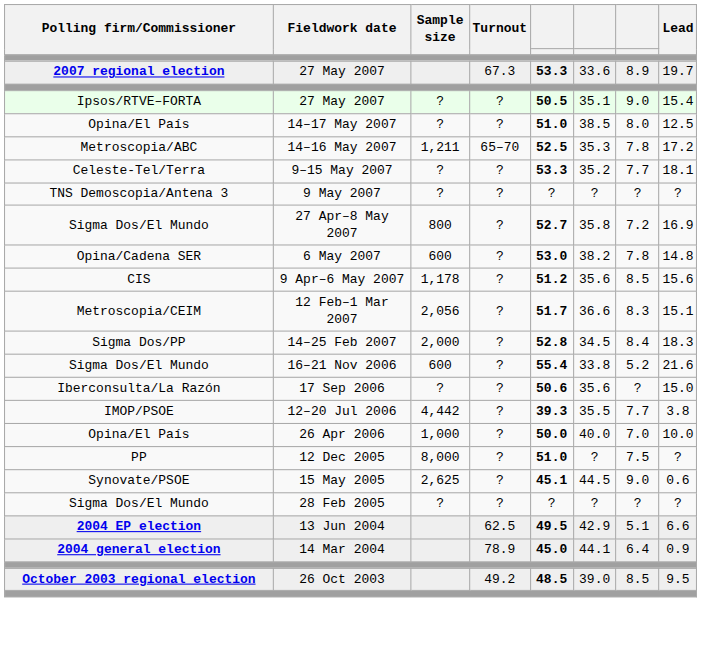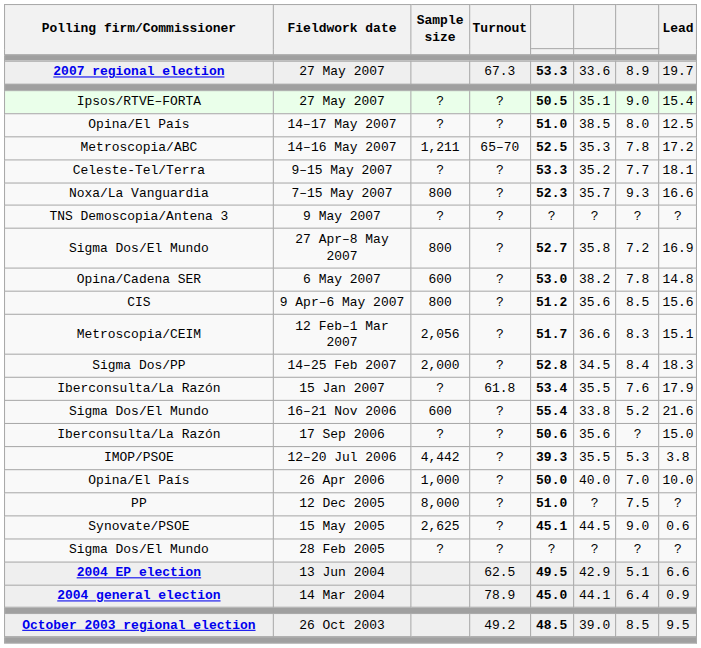 <table class="wikitable collapsible collapsed" style="text-align:center; font-size:95%; line-height:16px;">
 <tr style="height:42px;">
 <th style="width:250px;" rowspan="2">Polling firm/Commissioner</th>
 <th style="width:125px;" rowspan="2">Fieldwork date</th>
 <th style="width:50px;" rowspan="2">Sample size</th>
 <th style="width:45px;" rowspan="2">Turnout</th>
 <th style="width:35px;"></th>
 <th style="width:35px;"></th>
 <th style="width:35px;"></th>
 <th style="width:30px;" rowspan="2">Lead</th>
 </tr>
 <tr>
 <th style="color:inherit;background:"></th>
 <th style="color:inherit;background:"></th>
 <th style="color:inherit;background:"></th>
 </tr>
 <tr>
 <td colspan="8" style="background:#A0A0A0"></td>
 </tr>
 <tr style="background:#EFEFEF;">
 <td><strong><a href='#'>2007 regional election</a></strong></td>
 <td>27 May 2007</td>
 <td></td>
 <td>67.3</td>
 <td><strong>53.3</strong><br></td>
 <td>33.6<br></td>
 <td>8.9<br></td>
 <td style="background:">19.7</td>
 </tr>
 <tr>
 <td colspan="8" style="background:#A0A0A0"></td>
 </tr>
 <tr style="background:#EAFFEA;">
 <td>Ipsos/RTVE–FORTA</td>
 <td>27 May 2007</td>
 <td>?</td>
 <td>?</td>
 <td><strong>50.5</strong><br></td>
 <td>35.1<br></td>
 <td>9.0<br></td>
 <td style="background:">15.4</td>
 </tr>
 <tr>
 <td>Opina/El País</td>
 <td>14–17 May 2007</td>
 <td>?</td>
 <td>?</td>
 <td><strong>51.0</strong><br></td>
 <td>38.5<br></td>
 <td>8.0<br></td>
 <td style="background:">12.5</td>
 </tr>
 <tr>
 <td>Metroscopia/ABC</td>
 <td>14–16 May 2007</td>
 <td>1,211</td>
 <td>65–70</td>
 <td><strong>52.5</strong><br></td>
 <td>35.3<br></td>
 <td>7.8<br></td>
 <td style="background:">17.2</td>
 </tr>
 <tr>
 <td>Celeste-Tel/Terra</td>
 <td>9–15 May 2007</td>
 <td>?</td>
 <td>?</td>
 <td><strong>53.3</strong><br></td>
 <td>35.2<br></td>
 <td>7.7<br></td>
 <td style="background:">18.1</td>
 </tr>
 <tr>
+<td>Noxa/La Vanguardia</td>
+<td>7–15 May 2007</td>
+<td>800</td>
+<td>?</td>
+<td><strong>52.3</strong><br></td>
+<td>35.7<br></td>
+<td>9.3<br></td>
+<td style="background:">16.6</td>
+</tr>
+<tr>
 <td>TNS Demoscopia/Antena 3</td>
 <td>9 May 2007</td>
 <td>?</td>
 <td>?</td>
 <td>?<br></td>
 <td>?<br></td>
 <td>?<br></td>
 <td style="background:">?</td>
 </tr>
 <tr>
 <td>Sigma Dos/El Mundo</td>
 <td>27 Apr–8 May 2007</td>
 <td>800</td>
 <td>?</td>
 <td><strong>52.7</strong><br></td>
 <td>35.8<br></td>
 <td>7.2<br></td>
 <td style="background:">16.9</td>
 </tr>
 <tr>
 <td>Opina/Cadena SER</td>
 <td>6 May 2007</td>
 <td>600</td>
 <td>?</td>
 <td><strong>53.0</strong><br></td>
 <td>38.2<br></td>
 <td>7.8<br></td>
 <td style="background:">14.8</td>
 </tr>
 <tr>
 <td>CIS</td>
 <td>9 Apr–6 May 2007</td>
-<td>1,178</td>
+<td>800</td>
 <td>?</td>
 <td><strong>51.2</strong><br></td>
 <td>35.6<br></td>
 <td>8.5<br></td>
 <td style="background:">15.6</td>
 </tr>
 <tr>
 <td>Metroscopia/CEIM</td>
 <td>12 Feb–1 Mar 2007</td>
 <td>2,056</td>
 <td>?</td>
 <td><strong>51.7</strong><br></td>
 <td>36.6<br></td>
 <td>8.3<br></td>
 <td style="background:">15.1</td>
 </tr>
 <tr>
 <td>Sigma Dos/PP</td>
 <td>14–25 Feb 2007</td>
 <td>2,000</td>
 <td>?</td>
 <td><strong>52.8</strong><br></td>
 <td>34.5<br></td>
 <td>8.4<br></td>
 <td style="background:">18.3</td>
+</tr>
+<tr>
+<td>Iberconsulta/La Razón</td>
+<td>15 Jan 2007</td>
+<td>?</td>
+<td>61.8</td>
+<td><strong>53.4</strong><br></td>
+<td>35.5<br></td>
+<td>7.6<br></td>
+<td style="background:">17.9</td>
 </tr>
 <tr>
 <td>Sigma Dos/El Mundo</td>
 <td>16–21 Nov 2006</td>
 <td>600</td>
 <td>?</td>
 <td><strong>55.4</strong><br></td>
 <td>33.8<br></td>
 <td>5.2<br></td>
 <td style="background:">21.6</td>
 </tr>
 <tr>
 <td>Iberconsulta/La Razón</td>
 <td>17 Sep 2006</td>
 <td>?</td>
 <td>?</td>
 <td><strong>50.6</strong><br></td>
 <td>35.6<br></td>
 <td>?<br></td>
 <td style="background:">15.0</td>
 </tr>
 <tr>
 <td>IMOP/PSOE</td>
 <td>12–20 Jul 2006</td>
 <td>4,442</td>
 <td>?</td>
 <td><strong>39.3</strong></td>
 <td>35.5</td>
-<td>7.7</td>
+<td>5.3</td>
 <td style="background:">3.8</td>
 </tr>
 <tr>
 <td>Opina/El País</td>
 <td>26 Apr 2006</td>
 <td>1,000</td>
 <td>?</td>
 <td><strong>50.0</strong><br></td>
 <td>40.0<br></td>
 <td>7.0<br></td>
 <td style="background:">10.0</td>
 </tr>
 <tr>
 <td>PP</td>
 <td>12 Dec 2005</td>
 <td>8,000</td>
 <td>?</td>
 <td><strong>51.0</strong><br></td>
 <td>?<br></td>
 <td>7.5<br></td>
 <td style="background:">?</td>
 </tr>
 <tr>
 <td>Synovate/PSOE</td>
 <td>15 May 2005</td>
 <td>2,625</td>
 <td>?</td>
 <td><strong>45.1</strong><br></td>
 <td>44.5<br></td>
 <td>9.0<br></td>
 <td style="background:">0.6</td>
 </tr>
 <tr>
 <td>Sigma Dos/El Mundo</td>
 <td>28 Feb 2005</td>
 <td>?</td>
 <td>?</td>
 <td>?<br></td>
 <td>?<br></td>
 <td>?<br></td>
 <td style="background:">?</td>
 </tr>
 <tr style="background:#EFEFEF;">
 <td><strong><a href='#'>2004 EP election</a></strong></td>
 <td>13 Jun 2004</td>
 <td></td>
 <td>62.5</td>
 <td><strong>49.5</strong><br></td>
 <td>42.9<br></td>
 <td>5.1<br></td>
 <td style="background:">6.6</td>
 </tr>
 <tr style="background:#EFEFEF;">
 <td><strong><a href='#'>2004 general election</a></strong></td>
 <td>14 Mar 2004</td>
 <td></td>
 <td>78.9</td>
 <td><strong>45.0</strong><br></td>
 <td>44.1<br></td>
 <td>6.4<br></td>
 <td style="background:">0.9</td>
 </tr>
 <tr>
 <td colspan="8" style="background:#A0A0A0"></td>
 </tr>
 <tr style="background:#EFEFEF;">
 <td><strong><a href='#'>October 2003 regional election</a></strong></td>
 <td>26 Oct 2003</td>
 <td></td>
 <td>49.2</td>
 <td><strong>48.5</strong><br></td>
 <td>39.0<br></td>
 <td>8.5<br></td>
 <td style="background:">9.5</td>
 </tr>
 <tr>
 <td colspan="8" style="background:#A0A0A0"></td>
 </tr>
 </table>
